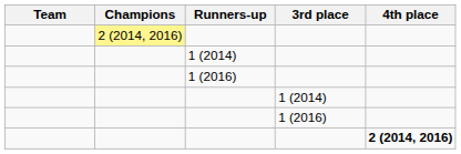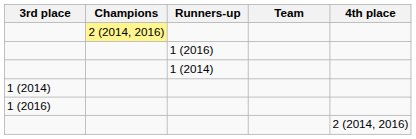 <table class="wikitable">
 <tr>
-<th style="width:20%">Team</th>
+<th style="width:20%">3rd place</th>
 <th style="width:20%">Champions</th>
 <th style="width:20%">Runners-up</th>
-<th style="width:20%">3rd place</th>
+<th style="width:20%">Team</th>
 <th style="width:20%">4th place</th>
 </tr>
 <tr>
 <td></td>
 <td style=background:#FFF68F>2 (2014, 2016)</td>
 <td></td>
-<td></td>
-<td></td>
-</tr>
-<tr>
-<td></td>
-<td></td>
-<td>1 (2014)</td>
 <td></td>
 <td></td>
 </tr>
 <tr>
 <td></td>
 <td></td>
 <td>1 (2016)</td>
 <td></td>
 <td></td>
 </tr>
 <tr>
 <td></td>
 <td></td>
+<td>1 (2014)</td>
 <td></td>
-<td>1 (2014)</td>
 <td></td>
 </tr>
 <tr>
+<td>1 (2014)</td>
 <td></td>
 <td></td>
 <td></td>
+<td></td>
+</tr>
+<tr>
 <td>1 (2016)</td>
+<td></td>
+<td></td>
+<td></td>
 <td></td>
 </tr>
 <tr>
 <td></td>
 <td></td>
 <td></td>
 <td></td>
-<td><strong>2 (2014, 2016)</strong></td>
+<td>2 (2014, 2016)</td>
 </tr>
 </table>
